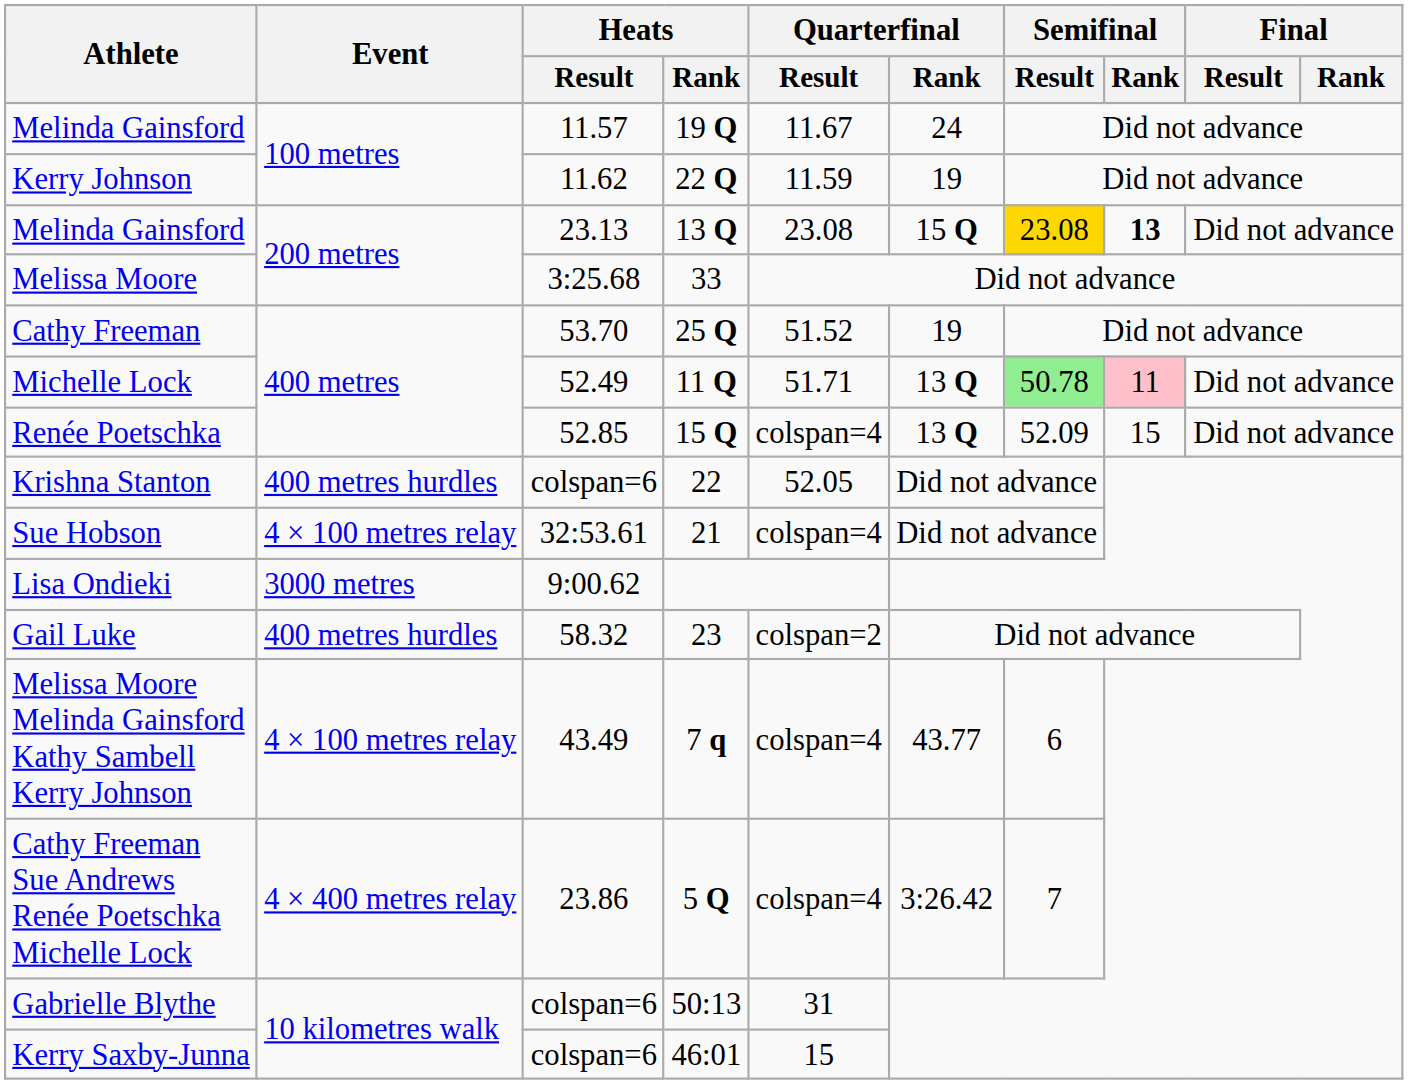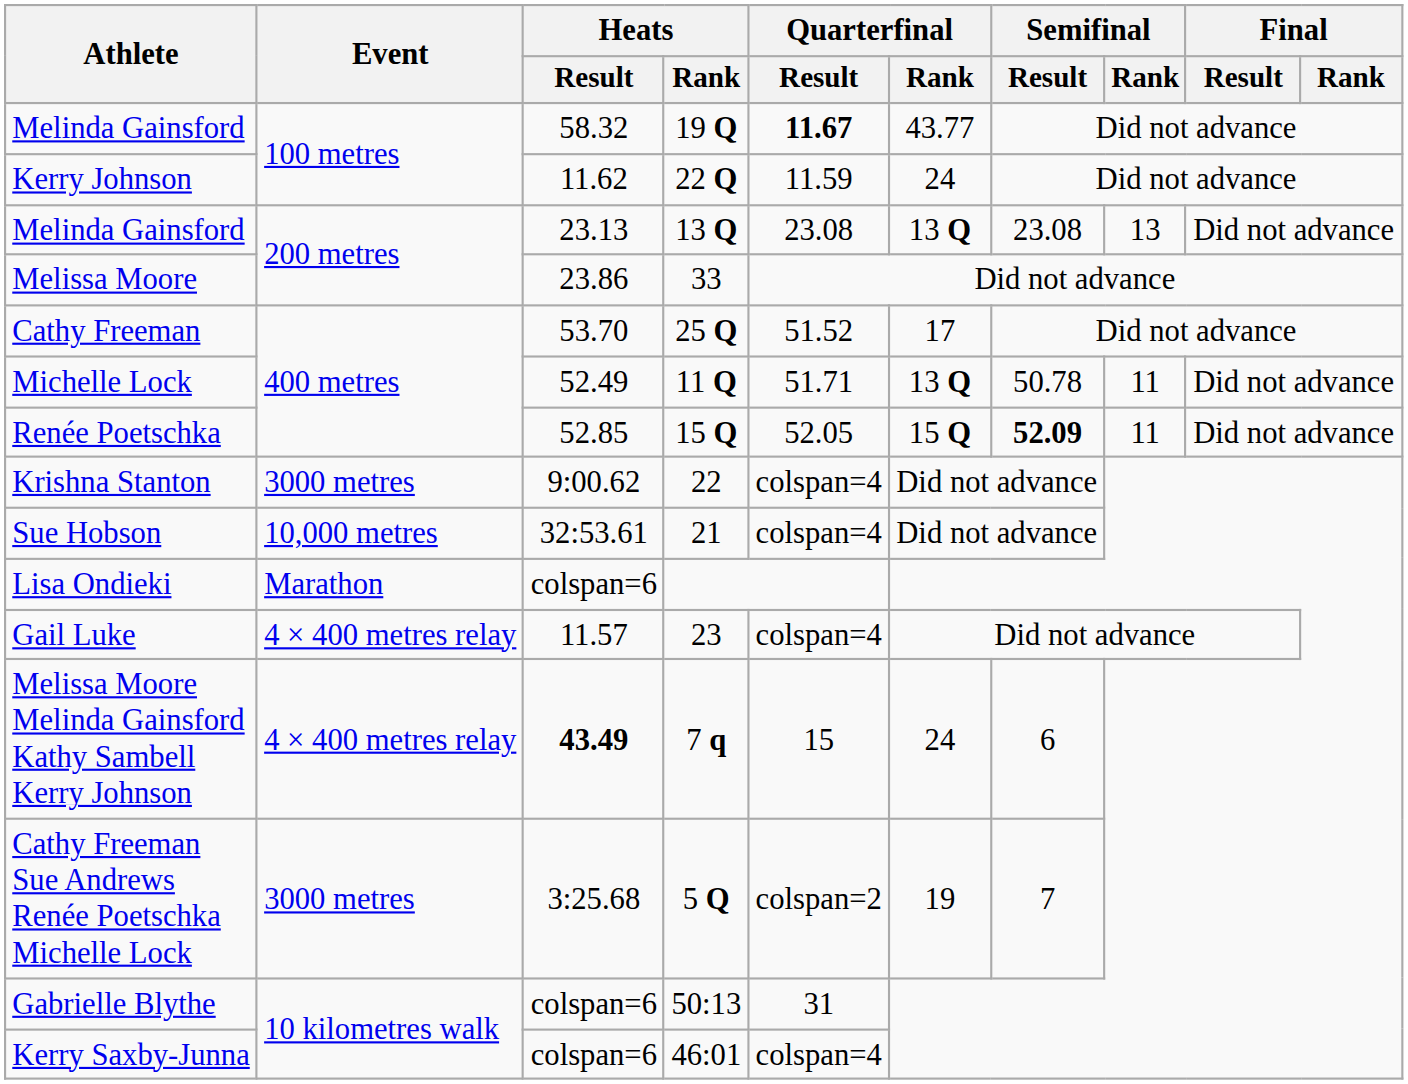 <table class="wikitable" style="font-size:90%">
 <tr>
 <th rowspan="2">Athlete</th>
 <th rowspan="2">Event</th>
 <th colspan="2">Heats</th>
 <th colspan="2">Quarterfinal</th>
 <th colspan="2">Semifinal</th>
 <th colspan="2">Final</th>
 </tr>
 <tr style="font-size:95%">
 <th>Result</th>
 <th>Rank</th>
 <th>Result</th>
 <th>Rank</th>
 <th>Result</th>
 <th>Rank</th>
 <th>Result</th>
 <th>Rank</th>
 </tr>
 <tr align=center>
 <td align=left><a href='#'>Melinda Gainsford</a></td>
 <td align=left rowspan=2><a href='#'>100 metres</a></td>
-<td>11.57</td>
+<td>58.32</td>
 <td>19 <strong>Q</strong></td>
-<td>11.67</td>
-<td>24</td>
+<td><strong>11.67</strong></td>
+<td>43.77</td>
 <td colspan=4>Did not advance</td>
 </tr>
 <tr align=center>
 <td align=left><a href='#'>Kerry Johnson</a></td>
 <td>11.62</td>
 <td>22 <strong>Q</strong></td>
 <td>11.59</td>
-<td>19</td>
+<td>24</td>
 <td colspan=4>Did not advance</td>
 </tr>
 <tr align=center>
 <td align=left><a href='#'>Melinda Gainsford</a></td>
 <td align=left rowspan=2><a href='#'>200 metres</a></td>
 <td>23.13</td>
 <td>13 <strong>Q</strong></td>
 <td>23.08</td>
-<td>15 <strong>Q</strong></td>
-<td style="background: gold;">23.08</td>
-<td><strong>13</strong></td>
+<td>13 <strong>Q</strong></td>
+<td>23.08</td>
+<td>13</td>
 <td colspan=2>Did not advance</td>
 </tr>
 <tr align=center>
 <td align=left><a href='#'>Melissa Moore</a></td>
-<td>3:25.68</td>
+<td>23.86</td>
 <td>33</td>
 <td colspan=6>Did not advance</td>
 </tr>
 <tr align=center>
 <td align=left><a href='#'>Cathy Freeman</a></td>
 <td align=left rowspan=3><a href='#'>400 metres</a></td>
 <td>53.70</td>
 <td>25 <strong>Q</strong></td>
 <td>51.52</td>
-<td>19</td>
+<td>17</td>
 <td colspan=4>Did not advance</td>
 </tr>
 <tr align=center>
 <td align=left><a href='#'>Michelle Lock</a></td>
 <td>52.49</td>
 <td>11 <strong>Q</strong></td>
 <td>51.71</td>
 <td>13 <strong>Q</strong></td>
-<td style="background: lightgreen;">50.78</td>
-<td style="background: pink;">11</td>
+<td>50.78</td>
+<td>11</td>
 <td colspan=2>Did not advance</td>
 </tr>
 <tr align=center>
 <td align=left><a href='#'>Renée Poetschka</a></td>
 <td>52.85</td>
 <td>15 <strong>Q</strong></td>
-<td>colspan=4</td>
-<td>13 <strong>Q</strong></td>
-<td>52.09</td>
-<td>15</td>
+<td>52.05</td>
+<td>15 <strong>Q</strong></td>
+<td><strong>52.09</strong></td>
+<td>11</td>
 <td colspan=2>Did not advance</td>
 </tr>
 <tr align=center>
 <td align=left><a href='#'>Krishna Stanton</a></td>
-<td align=left><a href='#'>400 metres hurdles</a></td>
-<td>colspan=6</td>
+<td align=left><a href='#'>3000 metres</a></td>
+<td>9:00.62</td>
 <td>22</td>
-<td>52.05</td>
+<td>colspan=4</td>
 <td colspan=2>Did not advance</td>
 </tr>
 <tr align=center>
 <td align=left><a href='#'>Sue Hobson</a></td>
-<td align=left><a href='#'>4 × 100 metres relay</a></td>
+<td align=left><a href='#'>10,000 metres</a></td>
 <td>32:53.61</td>
 <td>21</td>
 <td>colspan=4</td>
 <td colspan=2>Did not advance</td>
 </tr>
 <tr align=center>
 <td align=left><a href='#'>Lisa Ondieki</a></td>
-<td align=left><a href='#'>3000 metres</a></td>
-<td>9:00.62</td>
+<td align=left><a href='#'>Marathon</a></td>
+<td>colspan=6</td>
 <td colspan=2></td>
 </tr>
 <tr align=center>
 <td align=left><a href='#'>Gail Luke</a></td>
-<td align=left><a href='#'>400 metres hurdles</a></td>
-<td>58.32</td>
+<td align=left><a href='#'>4 × 400 metres relay</a></td>
+<td>11.57</td>
 <td>23</td>
-<td>colspan=2</td>
+<td>colspan=4</td>
 <td colspan=4>Did not advance</td>
 </tr>
 <tr align=center>
 <td align=left><a href='#'>Melissa Moore</a><br><a href='#'>Melinda Gainsford</a><br><a href='#'>Kathy Sambell</a><br><a href='#'>Kerry Johnson</a></td>
-<td align=left><a href='#'>4 × 100 metres relay</a></td>
-<td>43.49</td>
+<td align=left><a href='#'>4 × 400 metres relay</a></td>
+<td><strong>43.49</strong></td>
 <td>7 <strong>q</strong></td>
-<td>colspan=4</td>
-<td>43.77</td>
+<td>15</td>
+<td>24</td>
 <td>6</td>
 </tr>
 <tr align=center>
 <td align=left><a href='#'>Cathy Freeman</a><br><a href='#'>Sue Andrews</a><br><a href='#'>Renée Poetschka</a><br><a href='#'>Michelle Lock</a></td>
-<td align=left><a href='#'>4 × 400 metres relay</a></td>
-<td>23.86</td>
+<td align=left><a href='#'>3000 metres</a></td>
+<td>3:25.68</td>
 <td>5 <strong>Q</strong></td>
-<td>colspan=4</td>
-<td>3:26.42</td>
+<td>colspan=2</td>
+<td>19</td>
 <td>7</td>
 </tr>
 <tr align=center>
 <td align=left><a href='#'>Gabrielle Blythe</a></td>
 <td align=left rowspan=2><a href='#'>10 kilometres walk</a></td>
 <td>colspan=6</td>
 <td>50:13</td>
 <td>31</td>
 </tr>
 <tr align=center>
 <td align=left><a href='#'>Kerry Saxby-Junna</a></td>
 <td>colspan=6</td>
 <td>46:01</td>
-<td>15</td>
+<td>colspan=4</td>
 </tr>
 </table>
